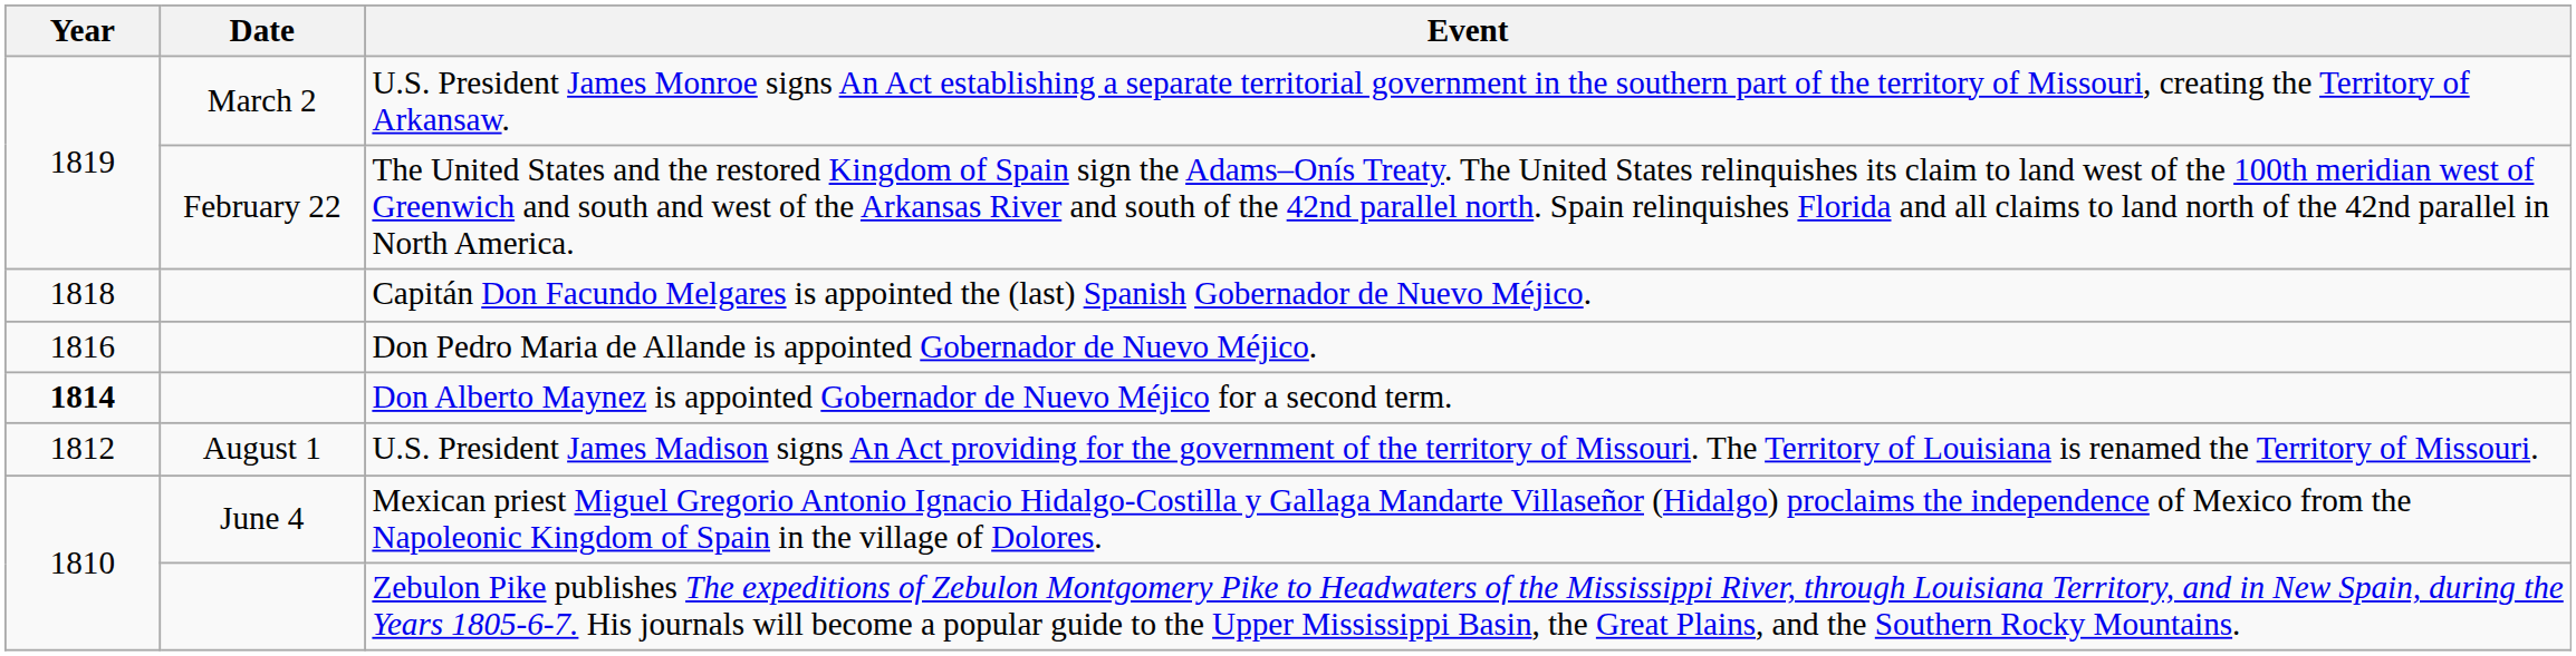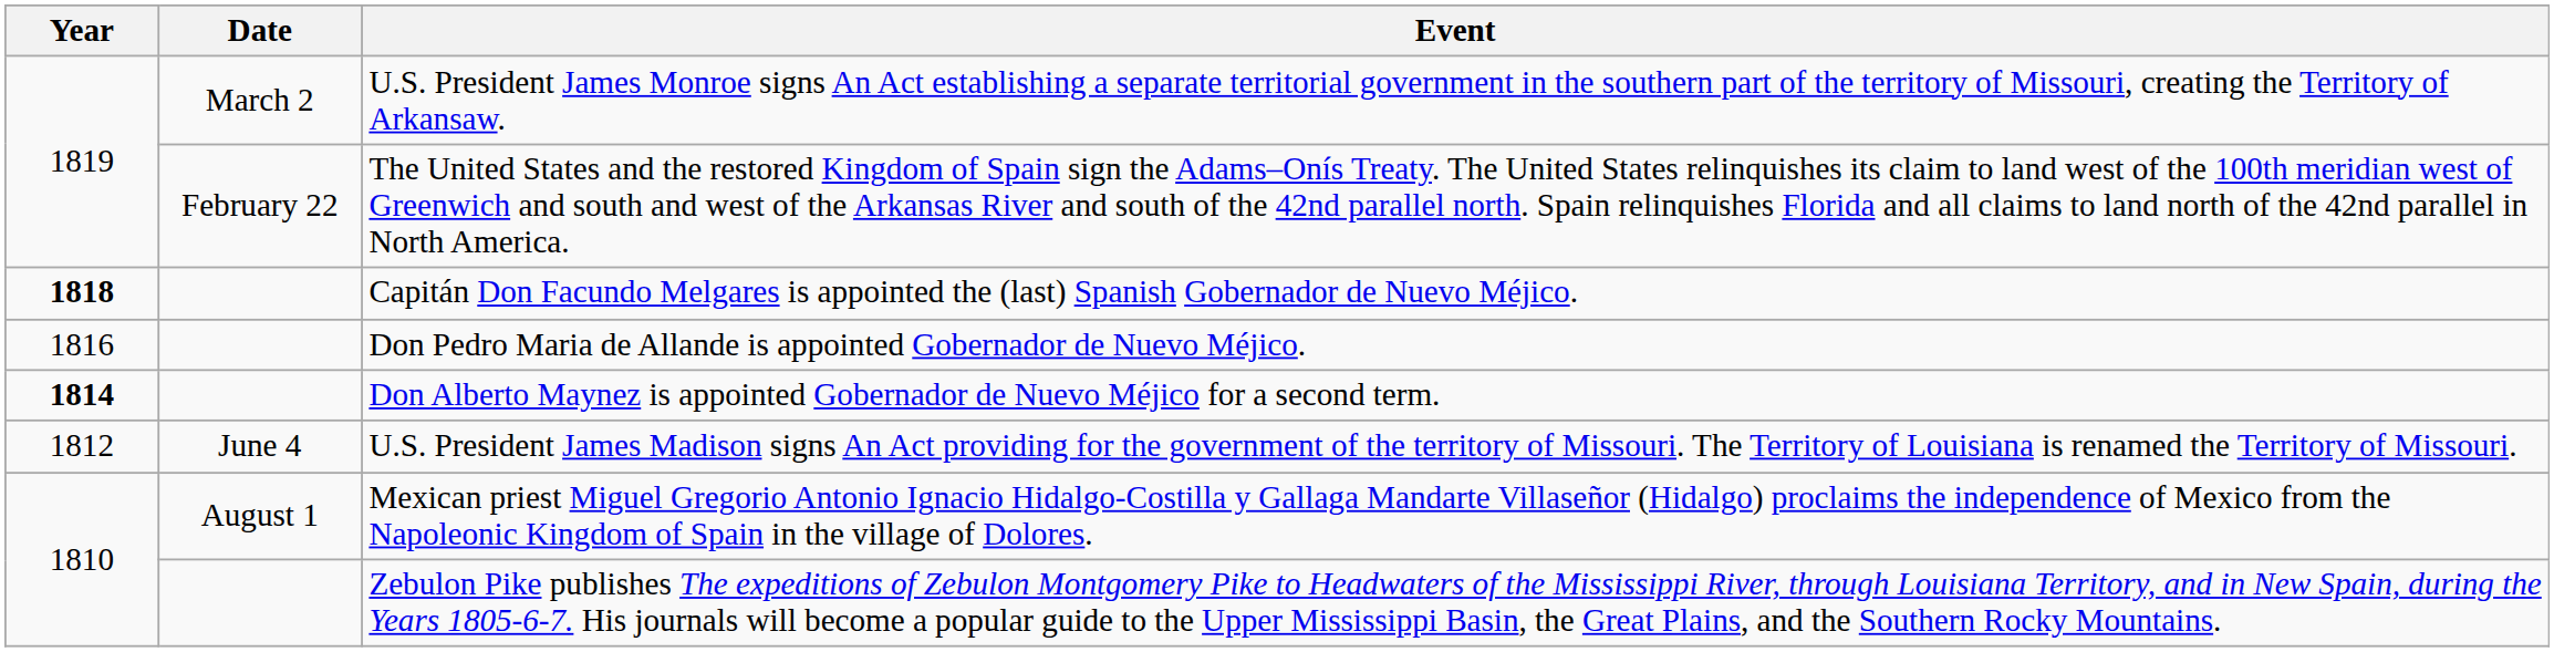 <table class="wikitable" style="width:100%;">
 <tr>
 <th style="width:6%">Year</th>
 <th style="width:8%">Date</th>
 <th style="width:86%">Event</th>
 </tr>
 <tr>
 <td align=center rowspan=2>1819</td>
 <td align=center>March 2</td>
 <td>U.S. President <a href='#'>James Monroe</a> signs <a href='#'>An Act establishing a separate territorial government in the southern part of the territory of Missouri</a>, creating the <a href='#'>Territory of Arkansaw</a>.</td>
 </tr>
 <tr>
 <td align=center>February 22</td>
 <td>The United States and the restored <a href='#'>Kingdom of Spain</a> sign the <a href='#'>Adams–Onís Treaty</a>.  The United States relinquishes its claim to land west of the <a href='#'>100th meridian west of Greenwich</a> and south and west of the <a href='#'>Arkansas River</a> and south of the <a href='#'>42nd parallel north</a>.  Spain relinquishes <a href='#'>Florida</a> and all claims to land north of the 42nd parallel in North America.</td>
 </tr>
 <tr>
-<td align=center>1818</td>
+<td align=center><strong>1818</strong></td>
 <td align=center> </td>
 <td>Capitán <a href='#'>Don Facundo Melgares</a> is appointed the (last) <a href='#'>Spanish</a> <a href='#'>Gobernador de Nuevo Méjico</a>.</td>
 </tr>
 <tr>
 <td align=center>1816</td>
 <td align=center> </td>
 <td>Don Pedro Maria de Allande is appointed <a href='#'>Gobernador de Nuevo Méjico</a>.</td>
 </tr>
 <tr>
 <td align=center><strong>1814</strong></td>
 <td align=center> </td>
 <td><a href='#'>Don Alberto Maynez</a> is appointed <a href='#'>Gobernador de Nuevo Méjico</a> for a second term.</td>
 </tr>
 <tr>
 <td align=center rowspan=1>1812</td>
-<td align=center>August 1</td>
+<td align=center>June 4</td>
 <td>U.S. President <a href='#'>James Madison</a> signs <a href='#'>An Act providing for the government of the territory of Missouri</a>. The <a href='#'>Territory of Louisiana</a> is renamed the <a href='#'>Territory of Missouri</a>.</td>
 </tr>
 <tr>
 <td align=center rowspan=2>1810</td>
-<td align=center>June 4</td>
+<td align=center>August 1</td>
 <td>Mexican priest <a href='#'>Miguel Gregorio Antonio Ignacio Hidalgo-Costilla y Gallaga Mandarte Villaseñor</a> (<a href='#'>Hidalgo</a>) <a href='#'>proclaims the independence</a> of Mexico from the <a href='#'>Napoleonic Kingdom of Spain</a> in the village of <a href='#'>Dolores</a>.</td>
 </tr>
 <tr>
 <td align=center></td>
 <td><a href='#'>Zebulon Pike</a> publishes <em><a href='#'>The expeditions of Zebulon Montgomery Pike to Headwaters of the Mississippi River, through Louisiana Territory, and in New Spain, during the Years 1805-6-7.</a></em>  His journals will become a popular guide to the <a href='#'>Upper Mississippi Basin</a>, the <a href='#'>Great Plains</a>, and the <a href='#'>Southern Rocky Mountains</a>.</td>
 </tr>
 </table>
